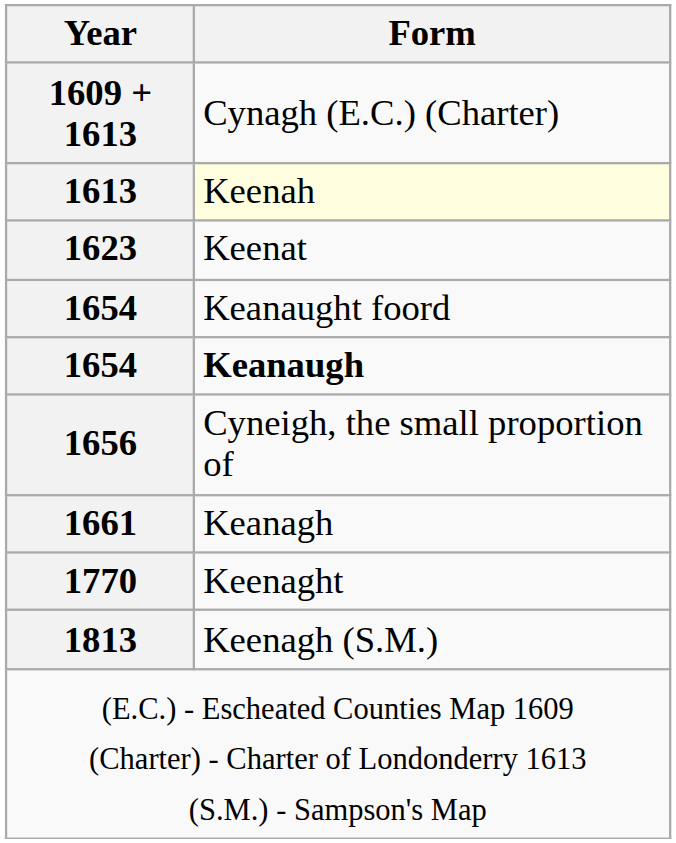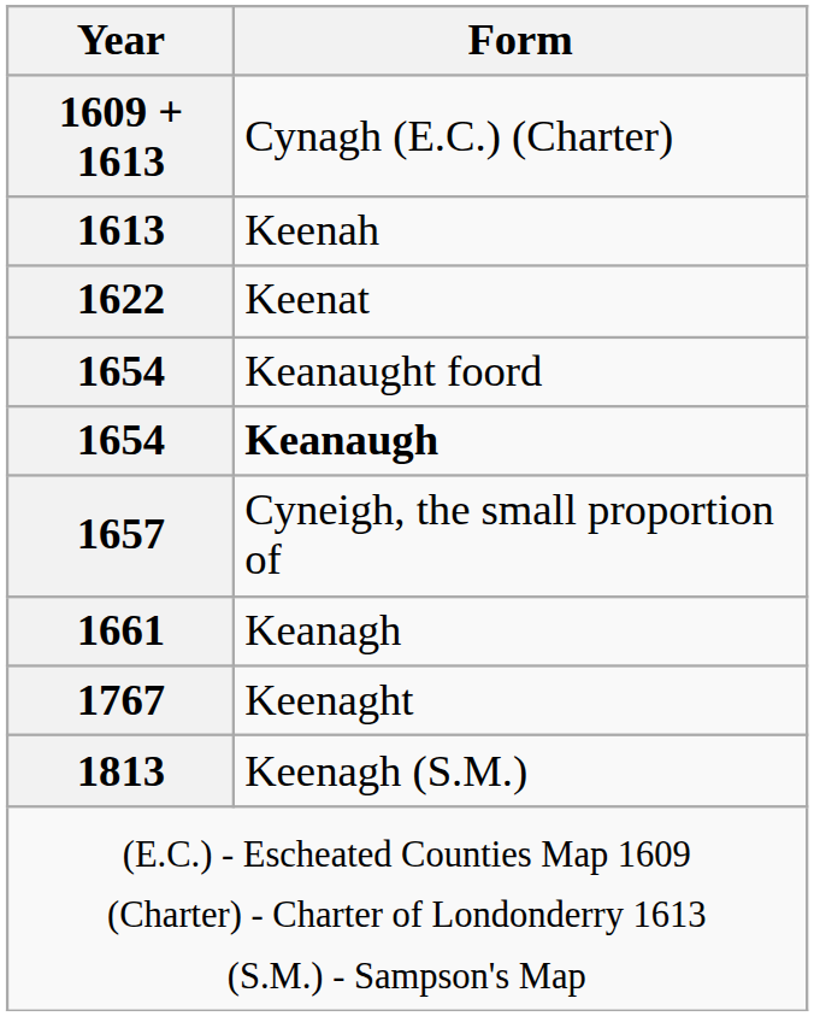 <table class="wikitable" style="margin:0 0 0 3em; border:1px solid darkgrey;">
 <tr>
 <th style="width:75px;">Year</th>
 <th style="width:200px;">Form</th>
 </tr>
 <tr>
 <th>1609 + 1613</th>
 <td>Cynagh (E.C.) (Charter)</td>
 </tr>
 <tr>
 <th>1613</th>
-<td style="background: lightyellow;">Keenah</td>
+<td>Keenah</td>
 </tr>
 <tr>
-<th>1623</th>
+<th>1622</th>
 <td>Keenat</td>
 </tr>
 <tr>
 <th>1654</th>
 <td>Keanaught foord</td>
 </tr>
 <tr>
 <th>1654</th>
 <td><strong>Keanaugh</strong></td>
 </tr>
 <tr>
-<th>1656</th>
+<th>1657</th>
 <td>Cyneigh, the small proportion of</td>
 </tr>
 <tr>
 <th>1661</th>
 <td>Keanagh</td>
 </tr>
 <tr>
-<th>1770</th>
+<th>1767</th>
 <td>Keenaght</td>
 </tr>
 <tr>
 <th>1813</th>
 <td>Keenagh (S.M.)</td>
 </tr>
 <tr>
 <td colspan="2" align="center"><sub>(E.C.) - Escheated Counties Map 1609<br>(Charter) - Charter of Londonderry 1613<br>(S.M.) - Sampson's Map</sub></td>
 </tr>
 </table>
